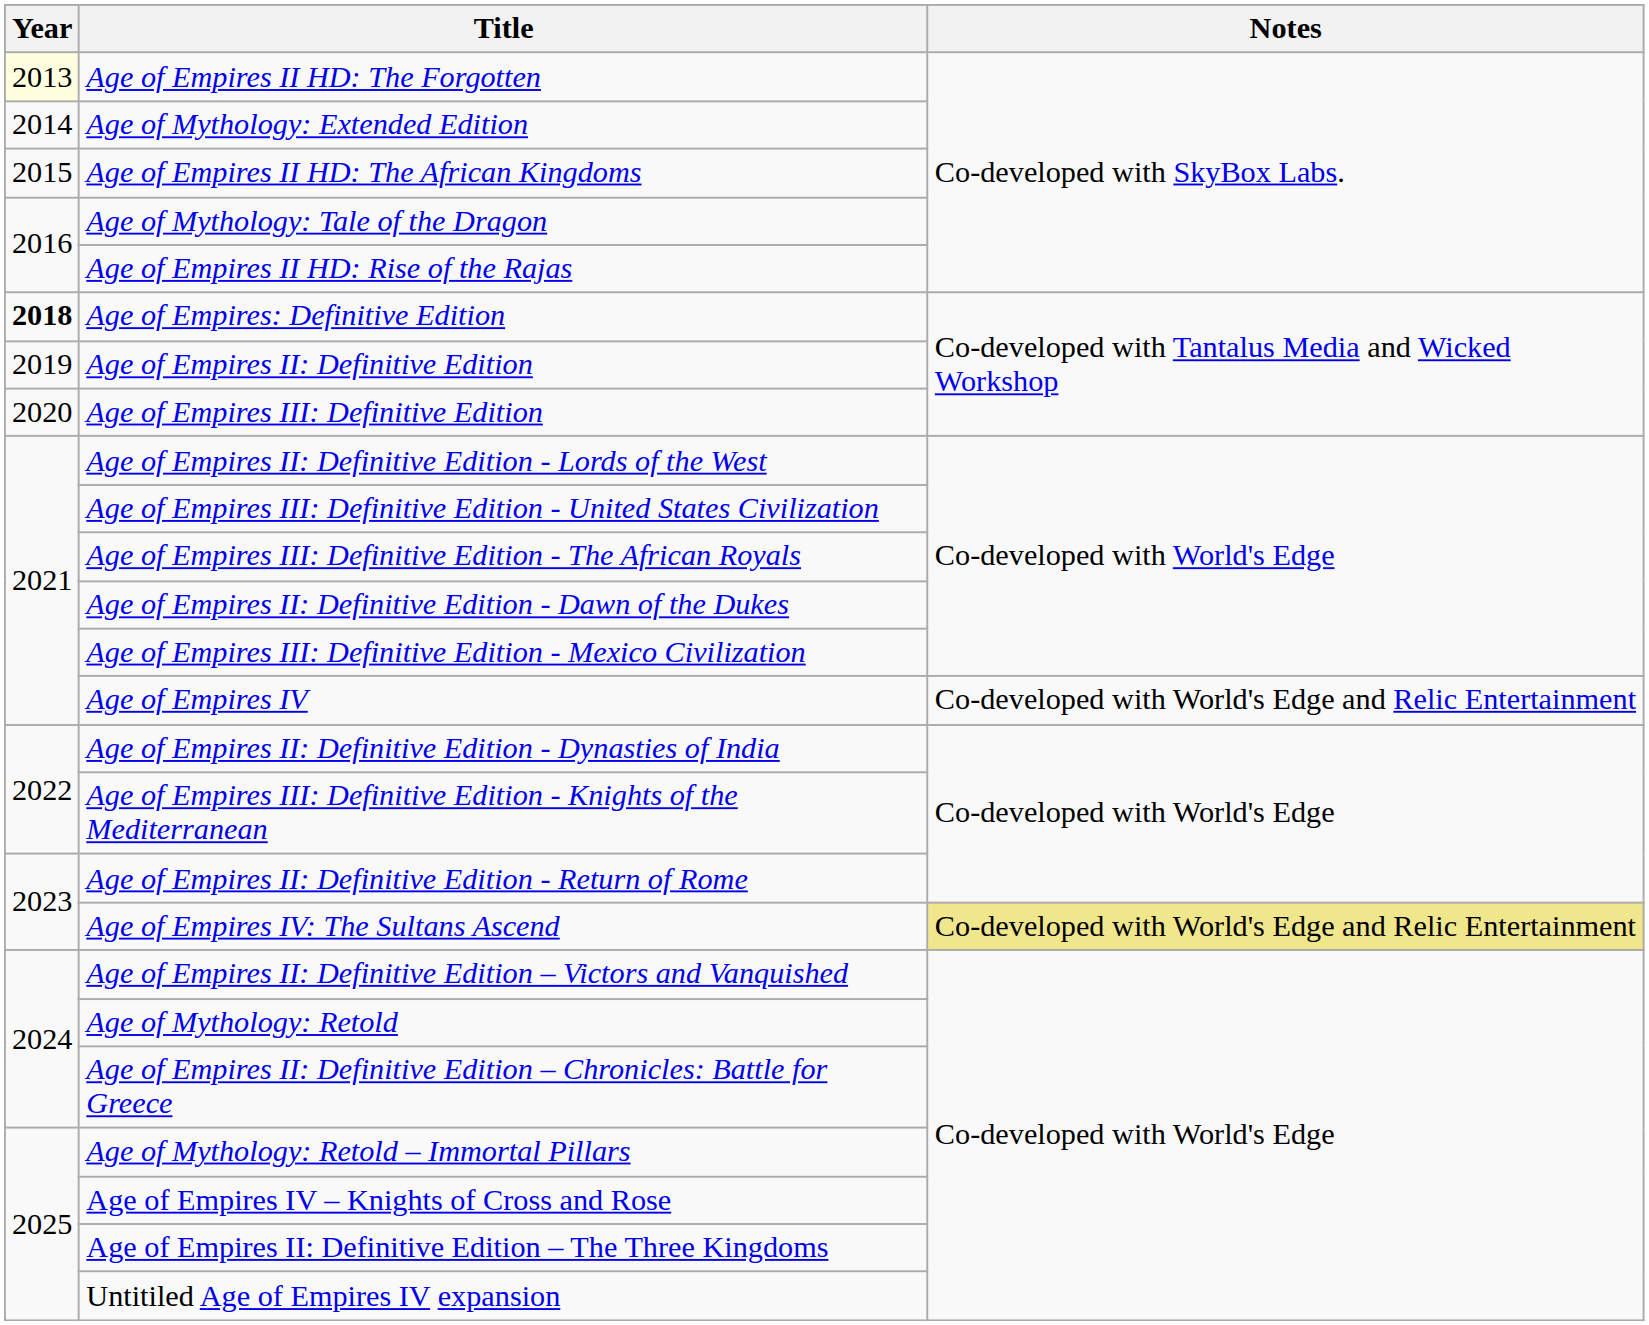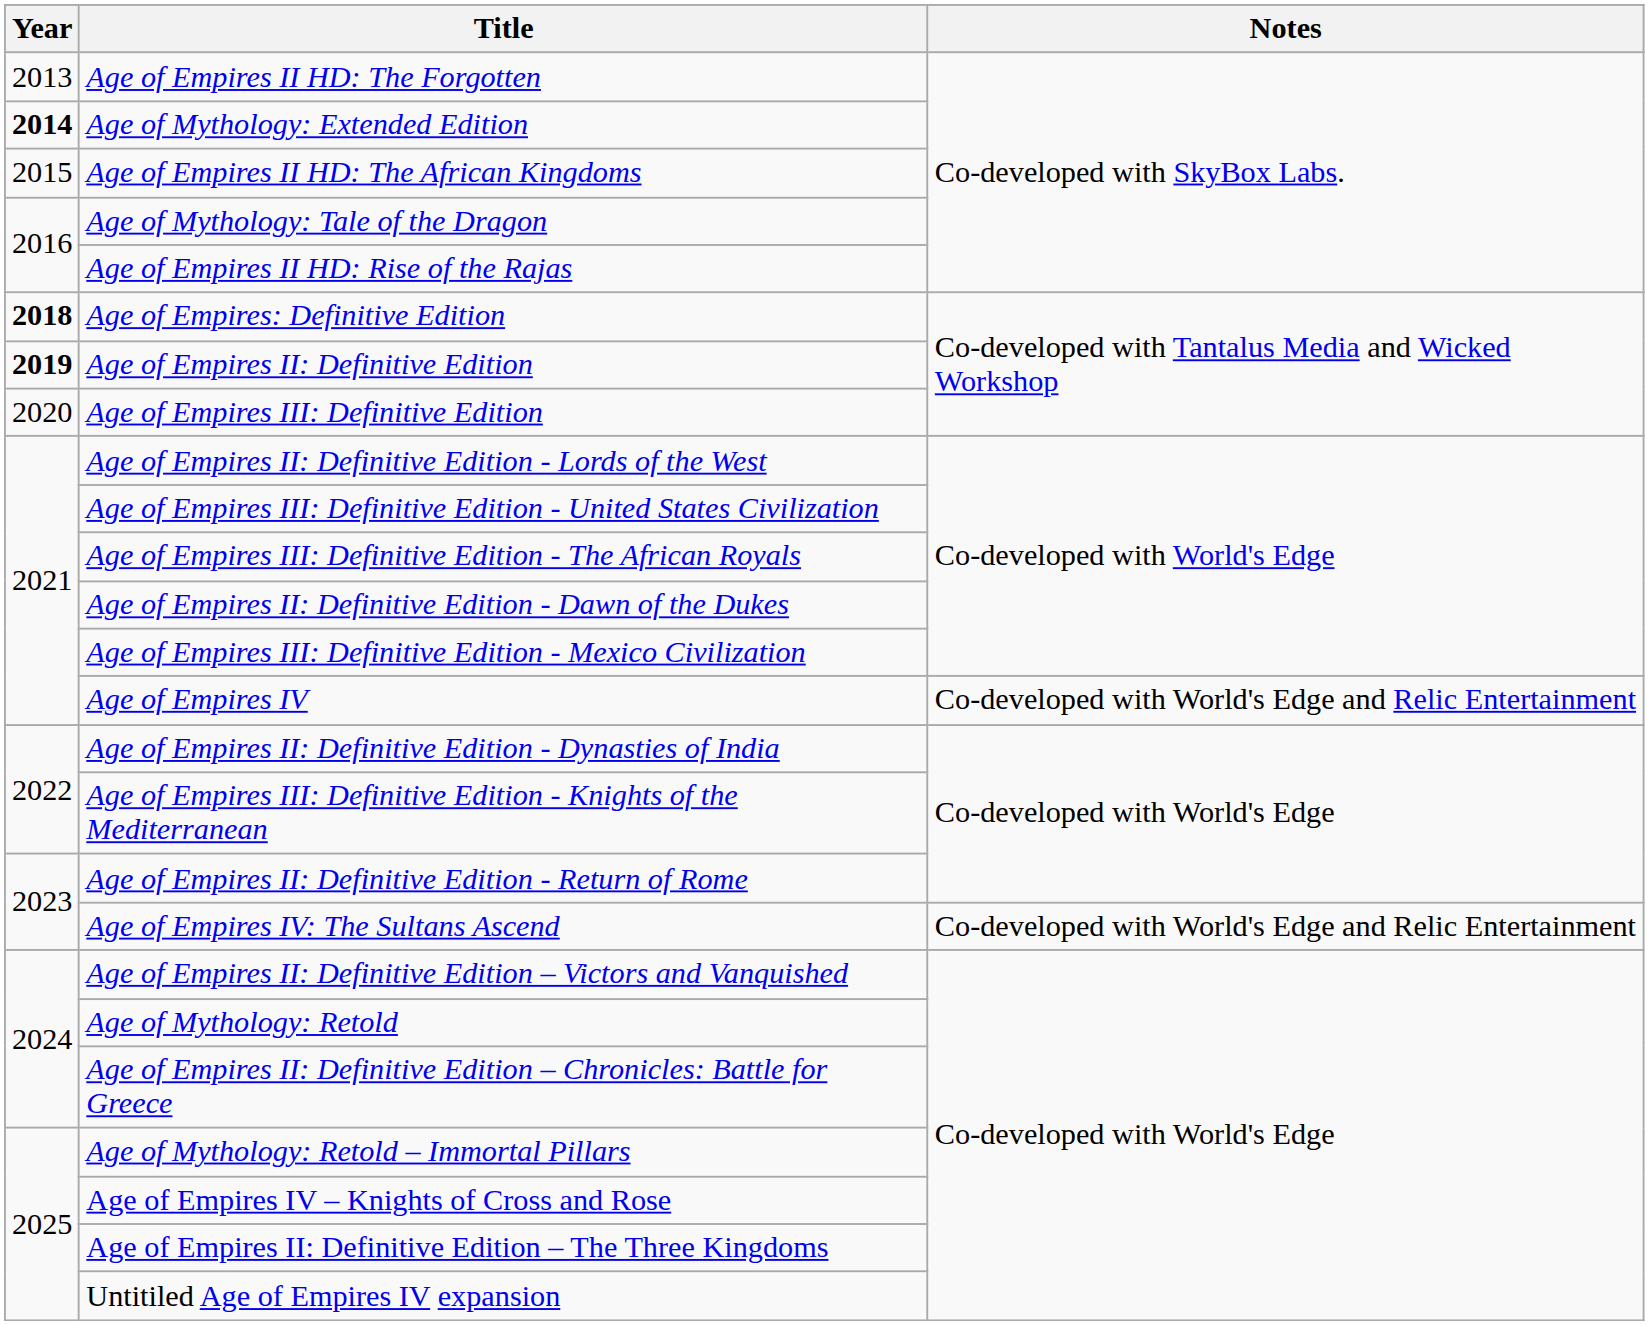 <table class="wikitable">
 <tr>
 <th>Year</th>
 <th>Title</th>
 <th>Notes</th>
 </tr>
 <tr>
-<td style="background: lightyellow;">2013</td>
+<td>2013</td>
 <td><em><a href='#'>Age of Empires II HD: The Forgotten</a></em></td>
 <td rowspan="5">Co-developed with <a href='#'>SkyBox Labs</a>.</td>
 </tr>
 <tr>
-<td>2014</td>
+<td><strong>2014</strong></td>
 <td><em><a href='#'>Age of Mythology: Extended Edition</a></em></td>
 </tr>
 <tr>
 <td>2015</td>
 <td><em><a href='#'>Age of Empires II HD: The African Kingdoms</a></em></td>
 </tr>
 <tr>
 <td rowspan="2">2016</td>
 <td><em><a href='#'>Age of Mythology: Tale of the Dragon</a></em></td>
 </tr>
 <tr>
 <td><em><a href='#'>Age of Empires II HD: Rise of the Rajas</a></em></td>
 </tr>
 <tr>
 <td><strong>2018</strong></td>
 <td><em><a href='#'>Age of Empires: Definitive Edition</a></em></td>
 <td rowspan="3">Co-developed with <a href='#'>Tantalus Media</a> and <a href='#'>Wicked Workshop</a></td>
 </tr>
 <tr>
-<td>2019</td>
+<td><strong>2019</strong></td>
 <td><em><a href='#'>Age of Empires II: Definitive Edition</a></em></td>
 </tr>
 <tr>
 <td>2020</td>
 <td><em><a href='#'>Age of Empires III: Definitive Edition</a></em></td>
 </tr>
 <tr>
 <td rowspan="6">2021</td>
 <td><em><a href='#'>Age of Empires II: Definitive Edition - Lords of the West</a></em></td>
 <td rowspan="5">Co-developed with <a href='#'>World's Edge</a></td>
 </tr>
 <tr>
 <td><em><a href='#'>Age of Empires III: Definitive Edition - United States Civilization</a></em></td>
 </tr>
 <tr>
 <td><em><a href='#'>Age of Empires III: Definitive Edition - The African Royals</a></em></td>
 </tr>
 <tr>
 <td><em><a href='#'>Age of Empires II: Definitive Edition - Dawn of the Dukes</a></em></td>
 </tr>
 <tr>
 <td><em><a href='#'>Age of Empires III: Definitive Edition - Mexico Civilization</a></em></td>
 </tr>
 <tr>
 <td><em><a href='#'>Age of Empires IV</a></em></td>
 <td>Co-developed with World's Edge and <a href='#'>Relic Entertainment</a></td>
 </tr>
 <tr>
 <td rowspan="2">2022</td>
 <td><em><a href='#'>Age of Empires II: Definitive Edition - Dynasties of India</a></em></td>
 <td rowspan="3">Co-developed with World's Edge</td>
 </tr>
 <tr>
 <td><em><a href='#'>Age of Empires III: Definitive Edition - Knights of the Mediterranean</a></em></td>
 </tr>
 <tr>
 <td rowspan="2">2023</td>
 <td><em><a href='#'>Age of Empires II: Definitive Edition - Return of Rome</a></em></td>
 </tr>
 <tr>
 <td><em><a href='#'>Age of Empires IV: The Sultans Ascend</a></em></td>
-<td style="background: khaki;">Co-developed with World's Edge and Relic Entertainment</td>
+<td>Co-developed with World's Edge and Relic Entertainment</td>
 </tr>
 <tr>
 <td rowspan="3">2024</td>
 <td><em><a href='#'>Age of Empires II: Definitive Edition – Victors and Vanquished</a></em></td>
 <td rowspan="7">Co-developed with World's Edge</td>
 </tr>
 <tr>
 <td><em><a href='#'>Age of Mythology: Retold</a></em></td>
 </tr>
 <tr>
 <td><em><a href='#'>Age of Empires II: Definitive Edition – Chronicles: Battle for Greece</a></em></td>
 </tr>
 <tr>
 <td rowspan="4">2025</td>
 <td><em><a href='#'>Age of Mythology: Retold – Immortal Pillars</a></em></td>
 </tr>
 <tr>
 <td><a href='#'>Age of Empires IV – Knights of Cross and Rose</a></td>
 </tr>
 <tr>
 <td><a href='#'>Age of Empires II: Definitive Edition – The Three Kingdoms</a></td>
 </tr>
 <tr>
 <td>Untitiled <a href='#'>Age of Empires IV</a> <a href='#'>expansion</a></td>
 </tr>
 </table>
